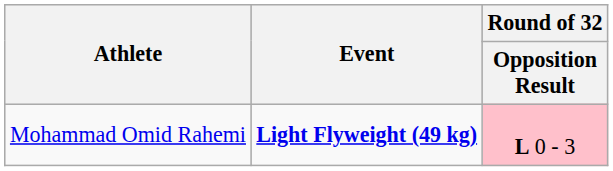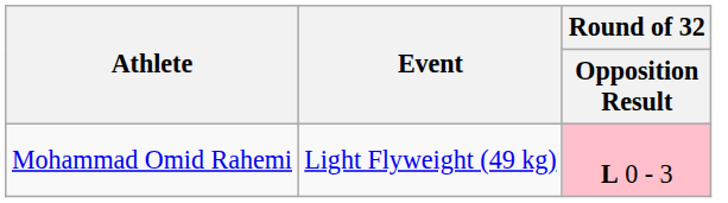 <table class=wikitable style="font-size:90%">
 <tr>
 <th rowspan=2>Athlete</th>
 <th rowspan=2>Event</th>
 <th>Round of 32</th>
 </tr>
 <tr>
 <th>Opposition<br>Result</th>
 </tr>
 <tr align=center>
 <td><a href='#'>Mohammad Omid Rahemi</a></td>
-<td><strong><a href='#'>Light Flyweight (49 kg)</a></strong></td>
+<td><a href='#'>Light Flyweight (49 kg)</a></td>
 <td style="background:pink;"><br><strong>L</strong> 0 - 3</td>
 </tr>
 </table>
